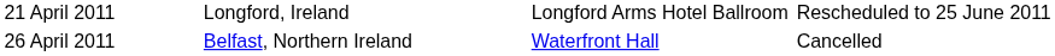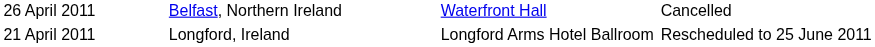 <table cellpadding="2" style="border: 0px solid darkgray; font-size:90%">
 <tr>
 <th width="150"></th>
 <th width="250"></th>
 <th width="200"></th>
 <th width="700"></th>
+</tr>
+<tr>
+<td>26 April 2011</td>
+<td><a href='#'>Belfast</a>, Northern Ireland</td>
+<td><a href='#'>Waterfront Hall</a></td>
+<td>Cancelled</td>
 </tr>
 <tr border="0">
 <td>21 April 2011</td>
 <td>Longford, Ireland</td>
 <td>Longford Arms Hotel Ballroom</td>
 <td>Rescheduled to 25 June 2011</td>
 </tr>
 <tr>
-<td>26 April 2011</td>
-<td><a href='#'>Belfast</a>, Northern Ireland</td>
-<td><a href='#'>Waterfront Hall</a></td>
-<td>Cancelled</td>
-</tr>
-<tr>
 </tr>
 </table>
